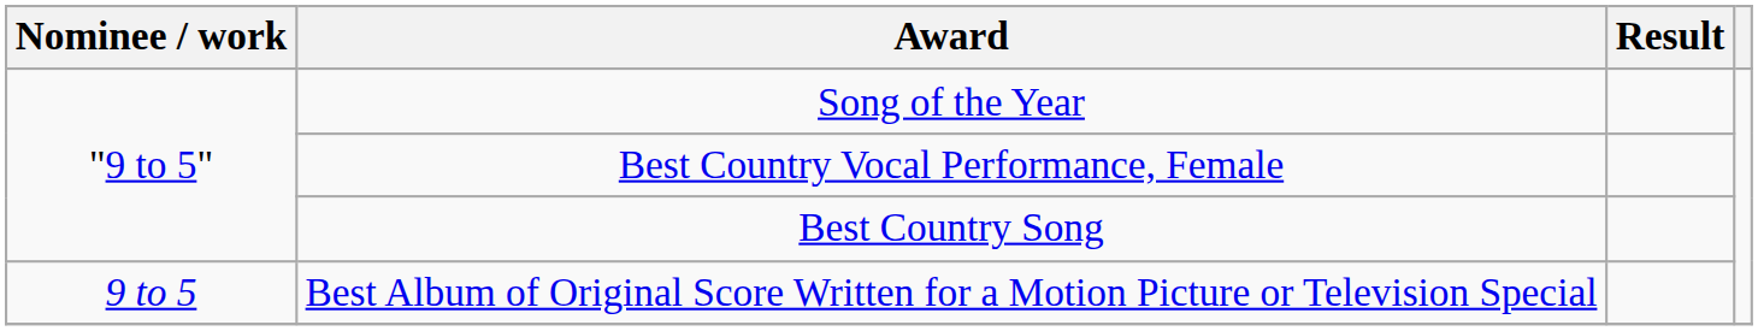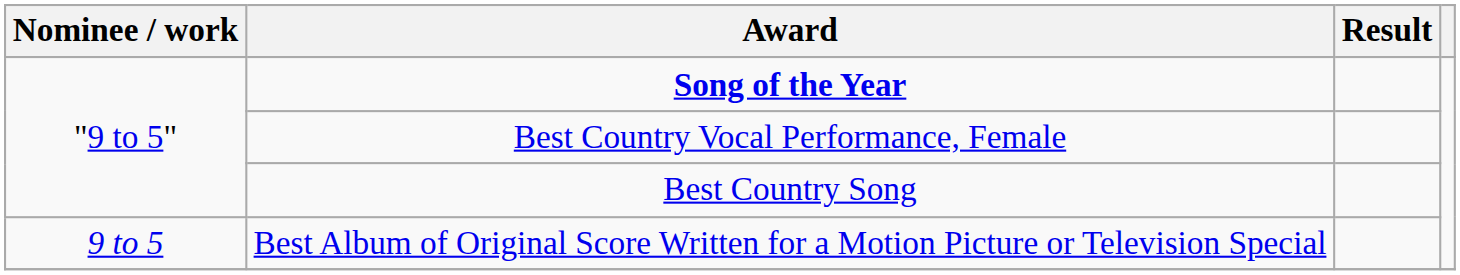 <table class="wikitable plainrowheaders" style="text-align:center;">
 <tr>
 <th scope="col">Nominee / work</th>
 <th scope="col">Award</th>
 <th scope="col">Result</th>
 <th scope="col" class="unsortable"></th>
 </tr>
 <tr>
 <td rowspan = "3">"<a href='#'>9 to 5</a>"</td>
-<td><a href='#'>Song of the Year</a></td>
+<td><strong><a href='#'>Song of the Year</a></strong></td>
 <td></td>
 <td rowspan = "4"></td>
 </tr>
 <tr>
 <td><a href='#'>Best Country Vocal Performance, Female</a></td>
 <td></td>
 </tr>
 <tr>
 <td><a href='#'>Best Country Song</a></td>
 <td></td>
 </tr>
 <tr>
 <td><em><a href='#'>9 to 5</a></em></td>
 <td><a href='#'>Best Album of Original Score Written for a Motion Picture or Television Special</a></td>
 <td></td>
 </tr>
 <tr>
 </tr>
 </table>
